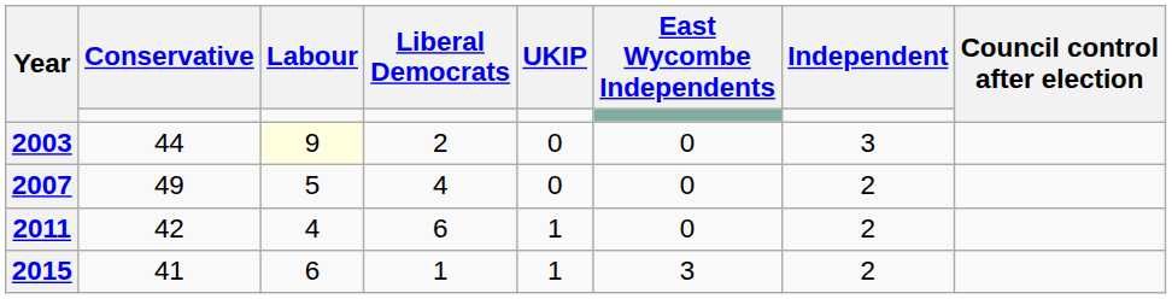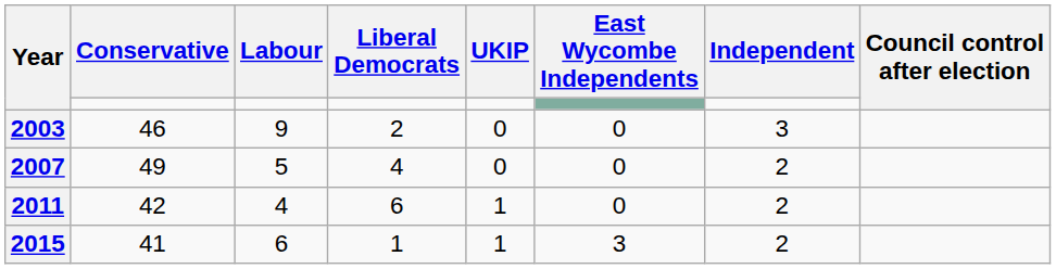 <table class="wikitable plainrowheaders" style="text-align:center">
 <tr>
 <th scope="col" rowspan="2">Year</th>
 <th scope="col"><a href='#'>Conservative</a></th>
 <th scope="col"><a href='#'>Labour</a></th>
 <th scope="col" style="width:1px"><a href='#'>Liberal Democrats</a></th>
 <th scope="col"><a href='#'>UKIP</a></th>
 <th scope="col" style="width:1px"><a href='#'>East Wycombe Independents</a></th>
 <th scope="col"><a href='#'>Independent</a></th>
 <th scope="col" rowspan="2" colspan="2">Council control<br>after election</th>
 </tr>
 <tr>
 <td style="background:"></td>
 <td style="background:"></td>
 <td style="background:"></td>
 <td style="background:"></td>
 <td style="background:#80ad9f"></td>
 <td style="background:"></td>
 </tr>
 <tr>
 <th scope="row"><a href='#'>2003</a></th>
-<td>44</td>
-<td style="background: lightyellow;">9</td>
+<td>46</td>
+<td>9</td>
 <td>2</td>
 <td>0</td>
 <td>0</td>
 <td>3</td>
 <td></td>
 </tr>
 <tr>
 <th scope="row"><a href='#'>2007</a></th>
 <td>49</td>
 <td>5</td>
 <td>4</td>
 <td>0</td>
 <td>0</td>
 <td>2</td>
 <td></td>
 </tr>
 <tr>
 <th scope="row"><a href='#'>2011</a></th>
 <td>42</td>
 <td>4</td>
 <td>6</td>
 <td>1</td>
 <td>0</td>
 <td>2</td>
 <td></td>
 </tr>
 <tr>
 <th scope="row"><a href='#'>2015</a></th>
 <td>41</td>
 <td>6</td>
 <td>1</td>
 <td>1</td>
 <td>3</td>
 <td>2</td>
 <td></td>
 </tr>
 </table>
